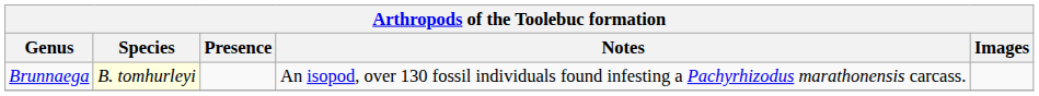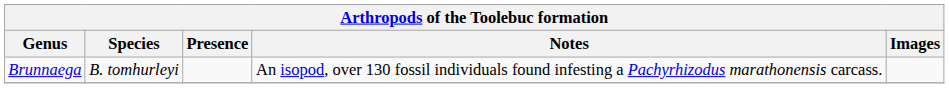 <table class="wikitable" align="center">
 <tr>
 <th colspan="5" align="center"><strong><a href='#'>Arthropods</a></strong> of the Toolebuc formation</th>
 </tr>
 <tr>
 <th>Genus</th>
 <th>Species</th>
 <th>Presence</th>
 <th>Notes</th>
 <th>Images</th>
 </tr>
 <tr>
 <td><em><a href='#'>Brunnaega</a></em></td>
-<td style="background: lightyellow;"><em>B. tomhurleyi</em></td>
+<td><em>B. tomhurleyi</em></td>
 <td></td>
 <td>An <a href='#'>isopod</a>, over 130 fossil individuals found infesting a <em><a href='#'>Pachyrhizodus</a> marathonensis</em> carcass.</td>
 <td></td>
 </tr>
 <tr>
 </tr>
 </table>
